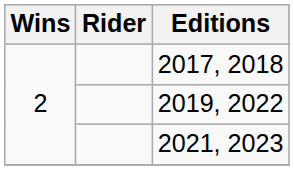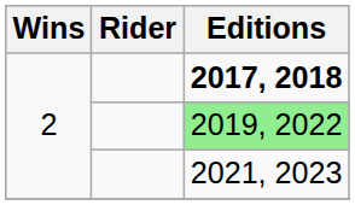 <table class="wikitable">
 <tr>
 <th>Wins</th>
 <th>Rider</th>
 <th>Editions</th>
 </tr>
 <tr>
 <td style="text-align:center;" rowspan=3>2</td>
 <td></td>
-<td>2017, 2018</td>
+<td><strong>2017, 2018</strong></td>
 </tr>
 <tr>
 <td></td>
-<td>2019, 2022</td>
+<td style="background: lightgreen;">2019, 2022</td>
 </tr>
 <tr>
 <td></td>
 <td>2021, 2023</td>
 </tr>
 <tr>
 </tr>
 </table>
